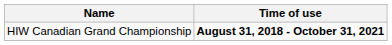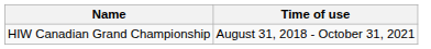 <table class="wikitable" border="1">
 <tr>
 <th>Name</th>
 <th>Time of use</th>
 </tr>
 <tr>
 <td>HIW Canadian Grand Championship</td>
-<td><strong>August 31, 2018 - October 31, 2021</strong></td>
+<td>August 31, 2018 - October 31, 2021</td>
 </tr>
 </table>
